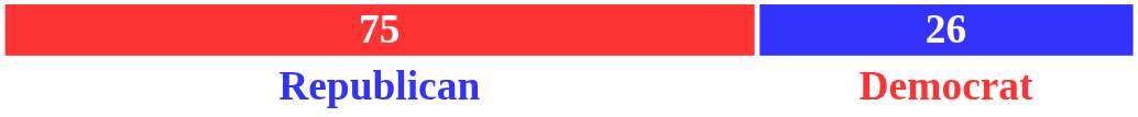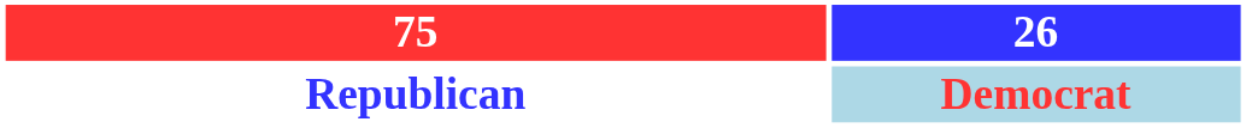 <table style="width:50%">
 <tr>
 <td scope="row" colspan="3" style="text-align:center"></td>
 </tr>
 <tr>
 <td scope="row" style="background:#F33; width:65%; text-align:center; color:white"><strong>75</strong></td>
 <td style="background:#33F; width:32.5%; text-align:center; color:white"><strong>26</strong></td>
 </tr>
 <tr>
 <td scope="row" style="text-align:center; color:#33F"><strong>Republican</strong></td>
-<td style="text-align:center; color:#F33"><strong>Democrat</strong></td>
+<td style="background: lightblue; text-align:center; color:#F33"><strong>Democrat</strong></td>
 </tr>
 </table>
